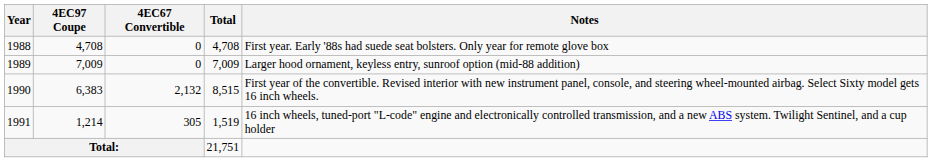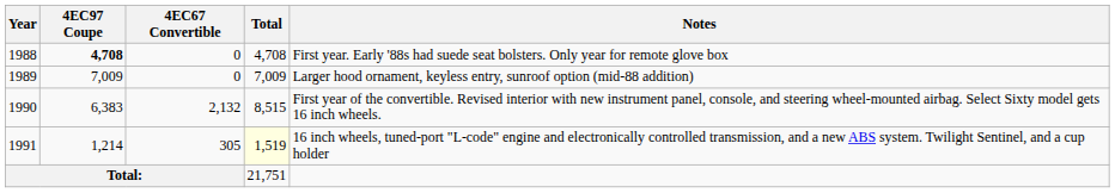 <table class=wikitable>
 <tr>
 <th>Year</th>
 <th>4EC97 Coupe</th>
 <th>4EC67 Convertible</th>
 <th>Total</th>
 <th>Notes</th>
 </tr>
 <tr align=right>
 <td>1988</td>
-<td>4,708</td>
+<td><strong>4,708</strong></td>
 <td>0</td>
 <td>4,708</td>
 <td align=left>First year. Early '88s had suede seat bolsters. Only year for remote glove box</td>
 </tr>
 <tr align=right>
 <td>1989</td>
 <td>7,009</td>
 <td>0</td>
 <td>7,009</td>
 <td align=left>Larger hood ornament, keyless entry, sunroof option (mid-88 addition)</td>
 </tr>
 <tr align=right>
 <td>1990</td>
 <td>6,383</td>
 <td>2,132</td>
 <td>8,515</td>
 <td align=left>First year of the convertible.  Revised interior with new instrument panel, console, and steering wheel-mounted airbag. Select Sixty model gets 16 inch wheels.</td>
 </tr>
 <tr align=right>
 <td>1991</td>
 <td>1,214</td>
 <td>305</td>
-<td>1,519</td>
+<td style="background: lightyellow;">1,519</td>
 <td align=left>16 inch wheels, tuned-port "L-code" engine and electronically controlled transmission, and a new <a href='#'>ABS</a> system. Twilight Sentinel, and a cup holder</td>
 </tr>
 <tr align=right>
 <th colspan=3>Total:</th>
 <td>21,751</td>
 <td></td>
 </tr>
 </table>
